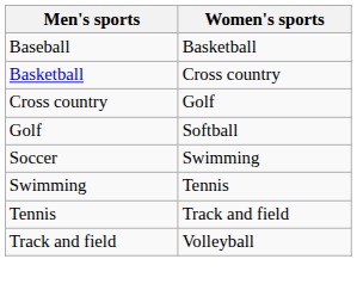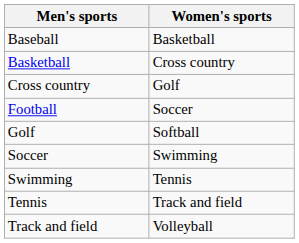 <table class="wikitable"; style= "text-align: ">
 <tr>
 <th width=150px>Men's sports</th>
 <th width=150px>Women's sports</th>
 </tr>
 <tr>
 <td>Baseball</td>
 <td>Basketball</td>
 </tr>
 <tr>
 <td><a href='#'>Basketball</a></td>
 <td>Cross country</td>
 </tr>
 <tr>
 <td>Cross country</td>
 <td>Golf</td>
+</tr>
+<tr>
+<td><a href='#'>Football</a></td>
+<td>Soccer</td>
 </tr>
 <tr>
 <td>Golf</td>
 <td>Softball</td>
 </tr>
 <tr>
 <td>Soccer</td>
 <td>Swimming</td>
 </tr>
 <tr>
 <td>Swimming</td>
 <td>Tennis</td>
 </tr>
 <tr>
 <td>Tennis</td>
 <td>Track and field</td>
 </tr>
 <tr>
 <td>Track and field</td>
 <td>Volleyball</td>
 </tr>
 </table>
